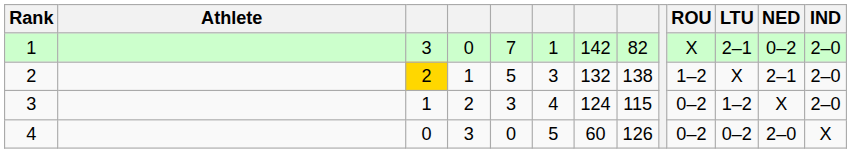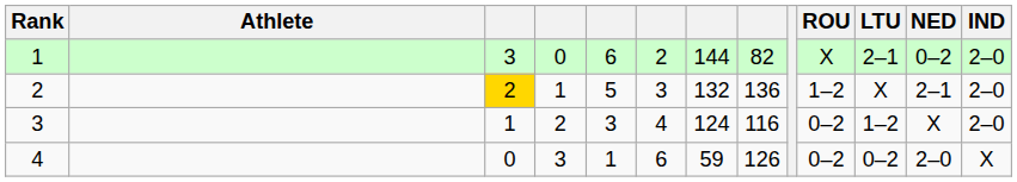 <table class="wikitable" style="text-align:center">
 <tr>
 <th width=40>Rank</th>
 <th width=300>Athlete</th>
 <th width=30></th>
 <th width=30></th>
 <th width=30></th>
 <th width=30></th>
 <th width=30></th>
 <th width=30></th>
 <th rowspan=5></th>
 <th width=30>ROU</th>
 <th width=30>LTU</th>
 <th width=30>NED</th>
 <th width=30>IND</th>
 </tr>
 <tr style="background-color:#ccffcc;">
 <td>1</td>
 <td align=left></td>
 <td>3</td>
 <td>0</td>
-<td>7</td>
-<td>1</td>
-<td>142</td>
+<td>6</td>
+<td>2</td>
+<td>144</td>
 <td>82</td>
 <td>X</td>
 <td>2–1</td>
 <td>0–2</td>
 <td>2–0</td>
 </tr>
 <tr>
 <td>2</td>
 <td align=left></td>
 <td style="background: gold;">2</td>
 <td>1</td>
 <td>5</td>
 <td>3</td>
 <td>132</td>
-<td>138</td>
+<td>136</td>
 <td>1–2</td>
 <td>X</td>
 <td>2–1</td>
 <td>2–0</td>
 </tr>
 <tr>
 <td>3</td>
 <td align=left></td>
 <td>1</td>
 <td>2</td>
 <td>3</td>
 <td>4</td>
 <td>124</td>
-<td>115</td>
+<td>116</td>
 <td>0–2</td>
 <td>1–2</td>
 <td>X</td>
 <td>2–0</td>
 </tr>
 <tr>
 <td>4</td>
 <td align=left></td>
 <td>0</td>
 <td>3</td>
-<td>0</td>
-<td>5</td>
-<td>60</td>
+<td>1</td>
+<td>6</td>
+<td>59</td>
 <td>126</td>
 <td>0–2</td>
 <td>0–2</td>
 <td>2–0</td>
 <td>X</td>
 </tr>
 </table>
